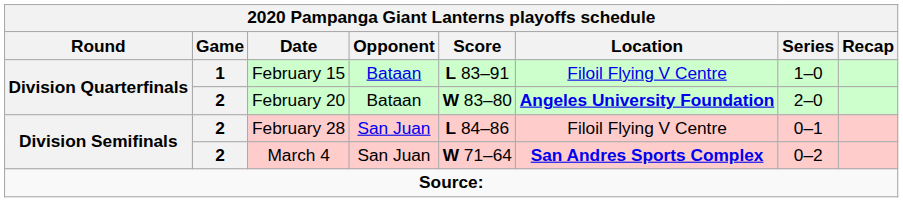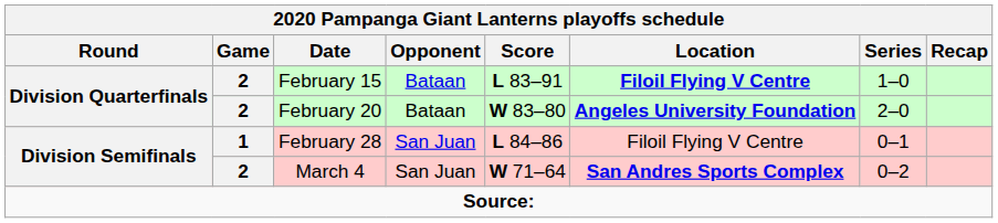 <table class="wikitable" style="text-align:center">
 <tr>
 <th colspan=8>2020 Pampanga Giant Lanterns playoffs schedule</th>
 </tr>
 <tr>
 <th>Round</th>
 <th>Game</th>
 <th>Date</th>
 <th>Opponent</th>
 <th>Score</th>
 <th>Location</th>
 <th>Series</th>
 <th>Recap<br></th>
 </tr>
 <tr style="background:#cfc">
 <th rowspan=2>Division Quarterfinals</th>
-<th>1</th>
+<th>2</th>
 <td>February 15</td>
 <td><a href='#'>Bataan</a></td>
 <td><strong>L</strong> 83–91</td>
-<td><a href='#'>Filoil Flying V Centre</a></td>
+<td><strong><a href='#'>Filoil Flying V Centre</a></strong></td>
 <td>1–0</td>
 <td></td>
 </tr>
 <tr style="background:#cfc">
 <th>2</th>
 <td>February 20</td>
 <td>Bataan</td>
 <td><strong>W</strong> 83–80</td>
 <td><strong><a href='#'>Angeles University Foundation</a></strong></td>
 <td>2–0</td>
 <td><br></td>
 </tr>
 <tr style="background:#fcc">
 <th rowspan=2>Division Semifinals</th>
-<th>2</th>
+<th>1</th>
 <td>February 28</td>
 <td><a href='#'>San Juan</a></td>
 <td><strong>L</strong> 84–86</td>
 <td>Filoil Flying V Centre</td>
 <td>0–1</td>
 <td></td>
 </tr>
 <tr style="background:#fcc">
 <th>2</th>
 <td>March 4</td>
 <td>San Juan</td>
 <td><strong>W</strong> 71–64</td>
 <td><strong><a href='#'>San Andres Sports Complex</a></strong></td>
 <td>0–2</td>
 <td></td>
 </tr>
 <tr>
 <td colspan=8 align=center><strong>Source: </strong></td>
 </tr>
 </table>
